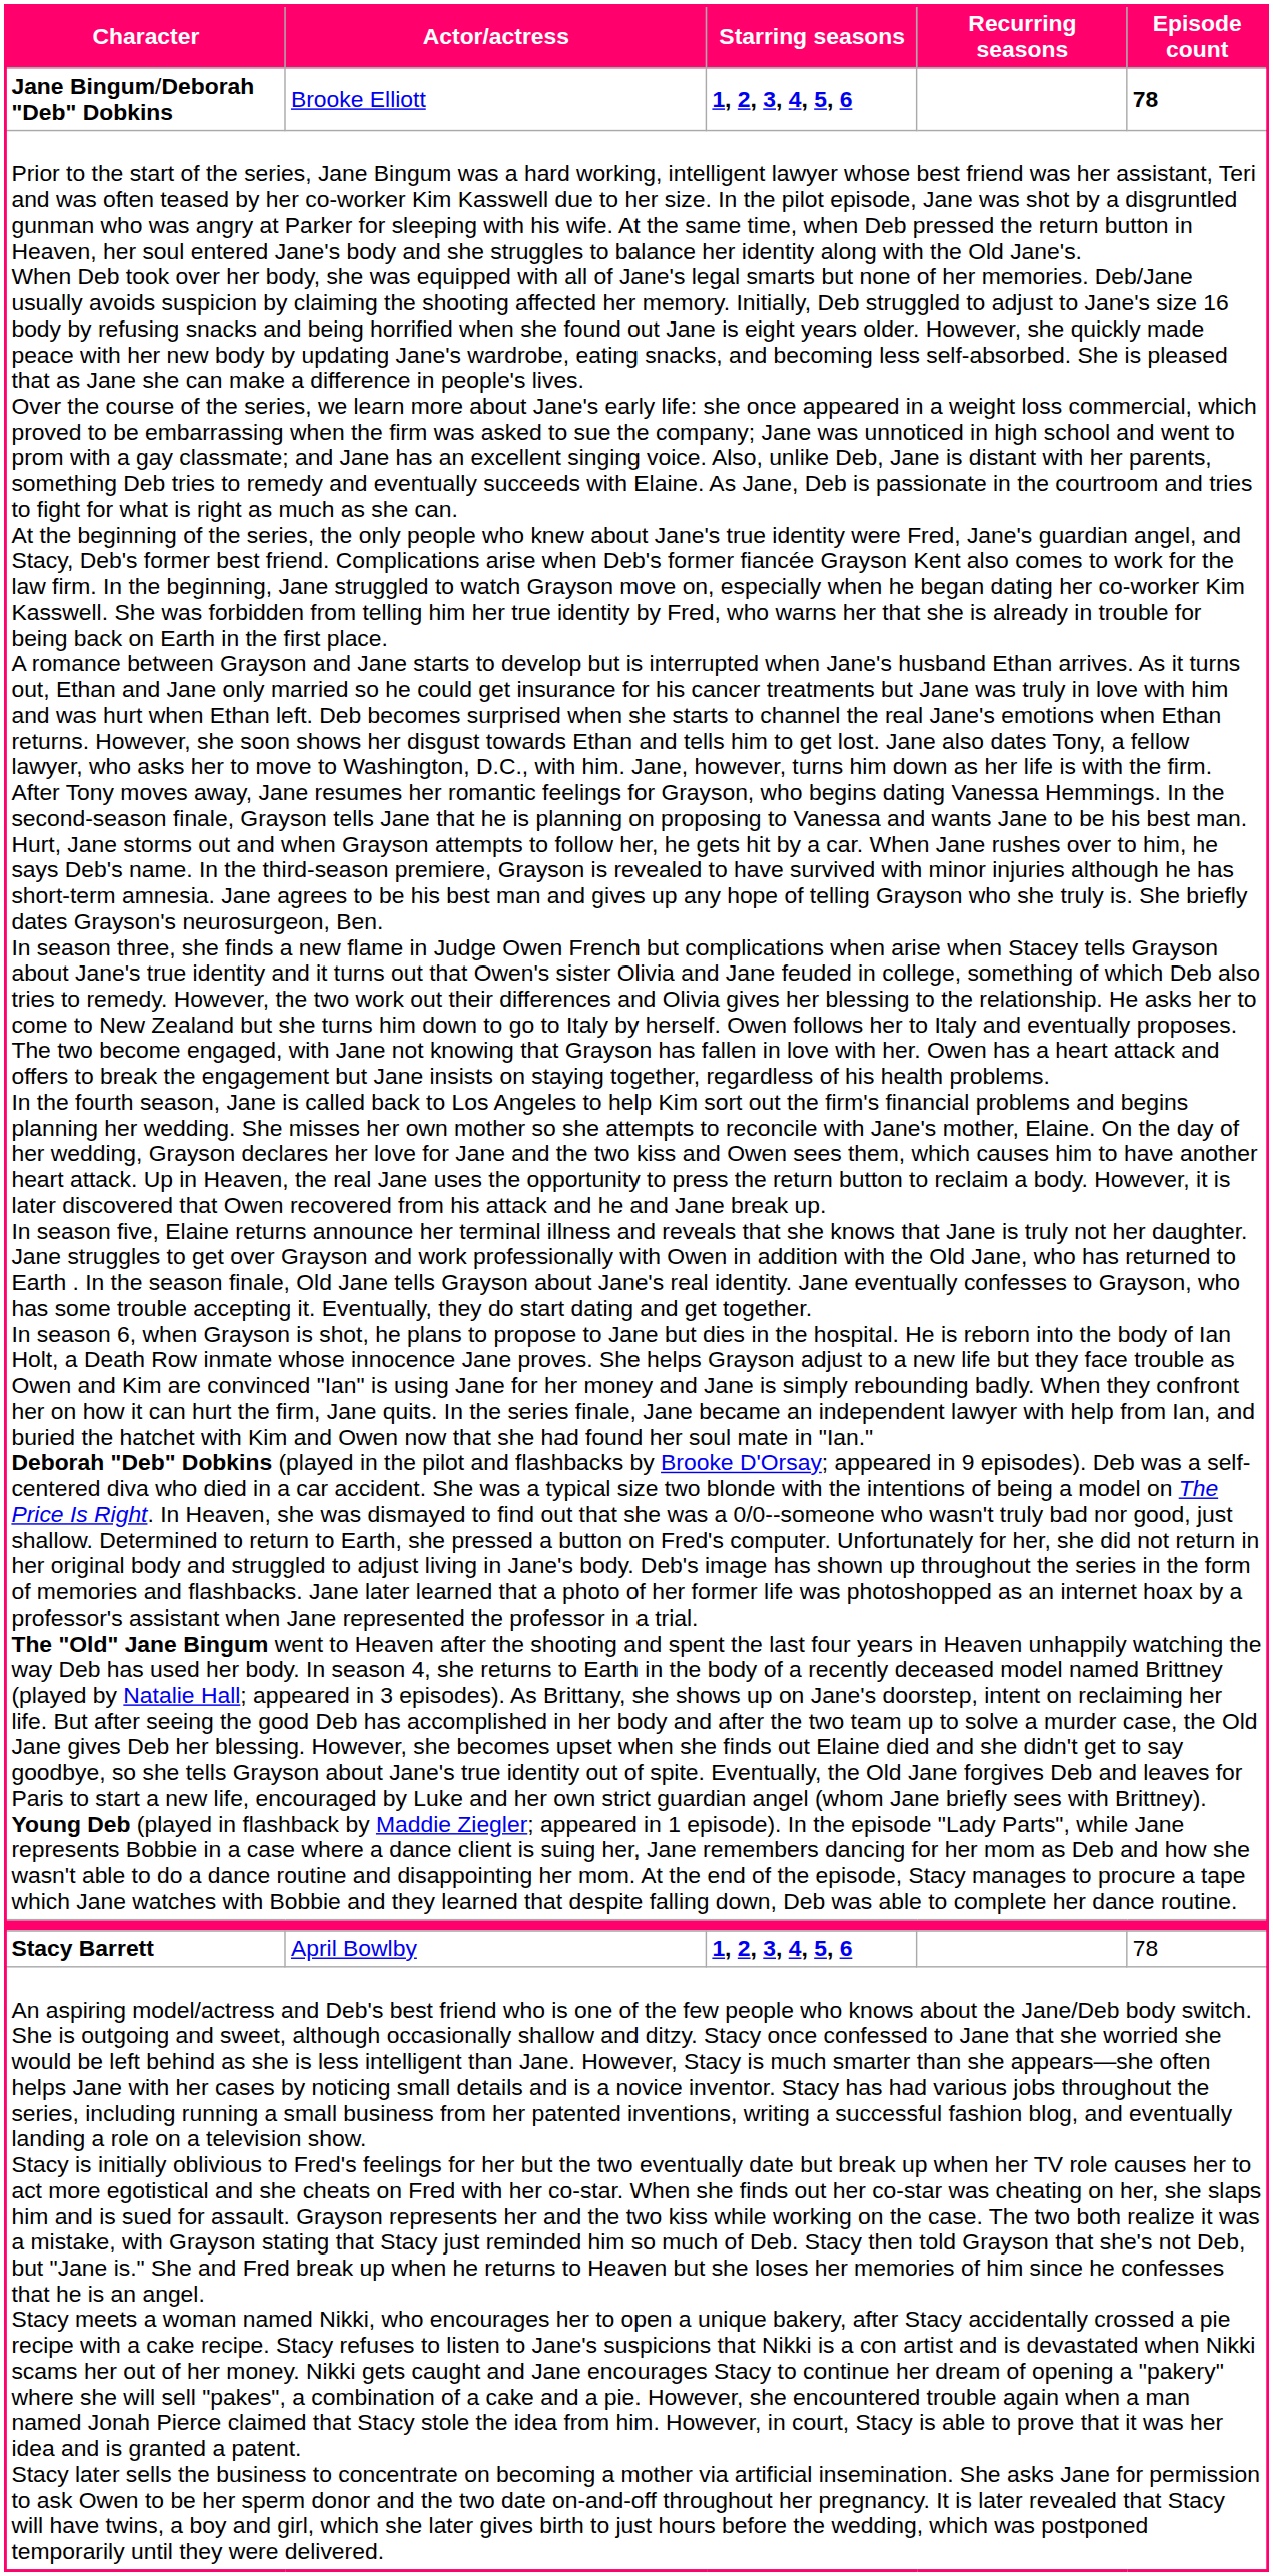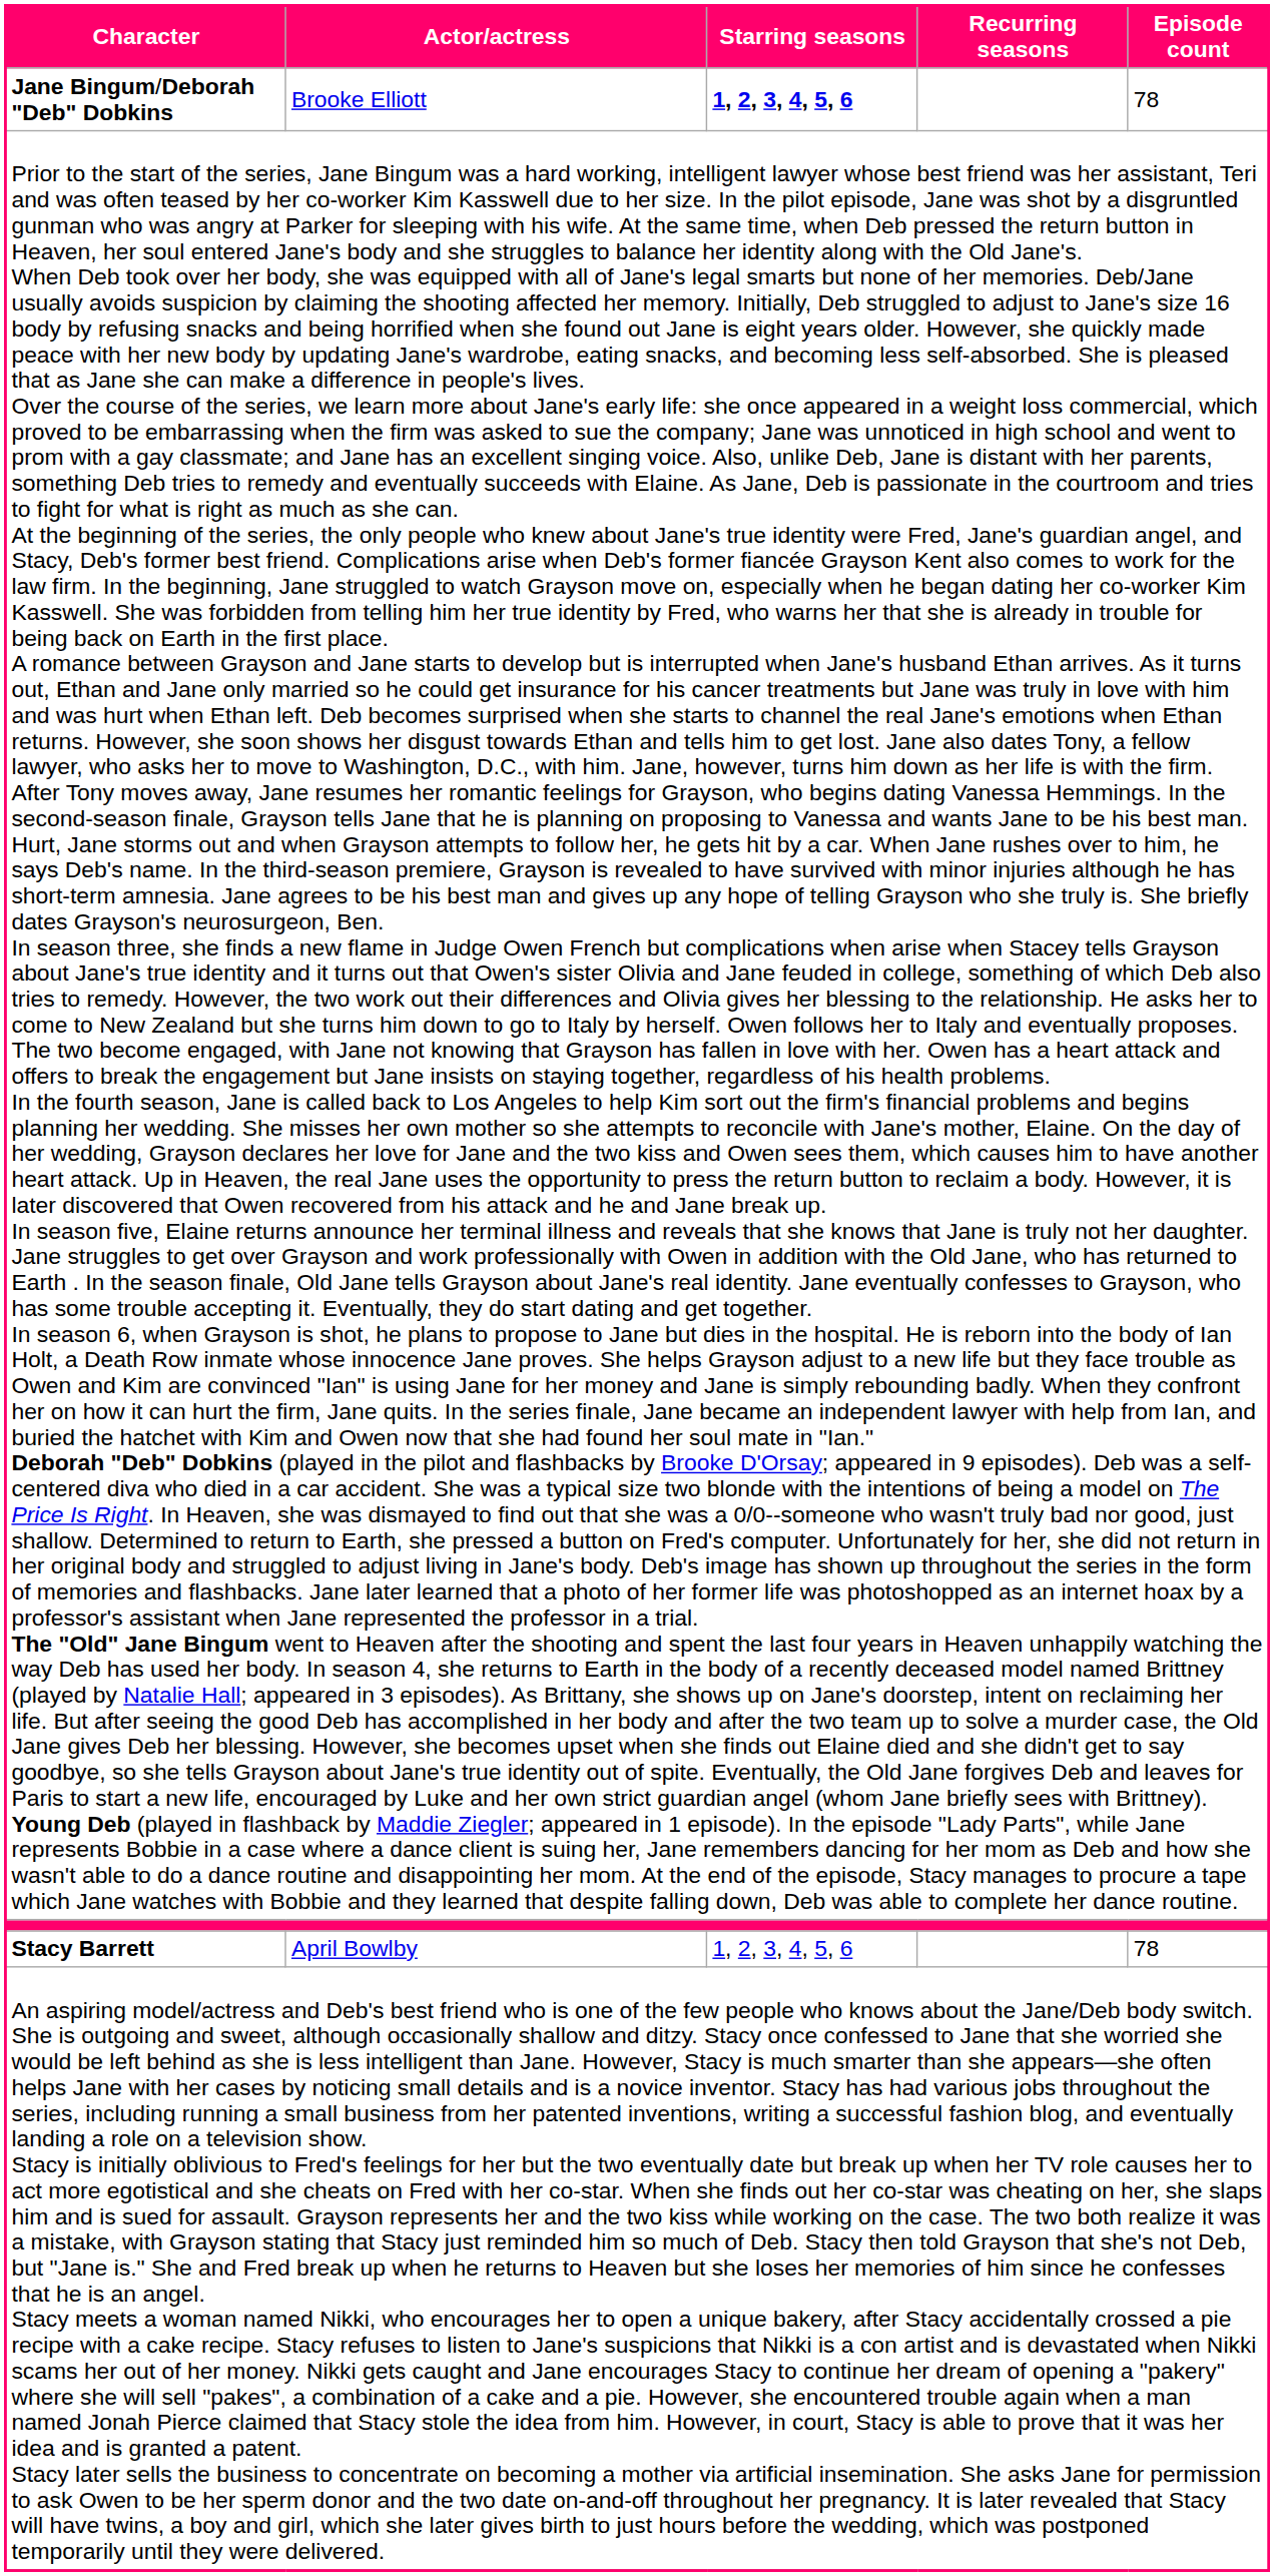 <table class="wikitable sortable collapsible" style="width:100%; margin-right:auto; background: #FFFFFF; border:2px solid #ff006c;">
 <tr style="color:white">
 <th style="background-color:#ff006c; width:20%">Character</th>
 <th style="background-color:#ff006c; width:30%">Actor/actress</th>
 <th style="background-color:#ff006c; width:15%">Starring seasons</th>
 <th style="background-color:#ff006c; width:15%">Recurring seasons</th>
 <th style="background-color:#ff006c; width:10%">Episode count</th>
 </tr>
 <tr>
 <td><strong>Jane Bingum</strong>/<strong>Deborah "Deb" Dobkins</strong></td>
 <td><a href='#'>Brooke Elliott</a></td>
 <td><strong><a href='#'>1</a>, <a href='#'>2</a>, <a href='#'>3</a>, <a href='#'>4</a>, <a href='#'>5</a>, <a href='#'>6</a></strong></td>
 <td></td>
-<td><strong>78</strong></td>
+<td>78</td>
 </tr>
 <tr>
 <td colspan="6"><br>Prior to the start of the series, Jane Bingum was a hard working, intelligent lawyer whose best friend was her assistant, Teri and was often teased by her co-worker Kim Kasswell due to her size. In the pilot episode, Jane was shot by a disgruntled gunman who was angry at Parker for sleeping with his wife. At the same time, when Deb pressed the return button in Heaven, her soul entered Jane's body and she struggles to balance her identity along with the Old Jane's.<br>When Deb took over her body, she was equipped with all of Jane's legal smarts but none of her memories. Deb/Jane usually avoids suspicion by claiming the shooting affected her memory. Initially, Deb struggled to adjust to Jane's size 16 body by refusing snacks and being horrified when she found out Jane is eight years older. However, she quickly made peace with her new body by updating Jane's wardrobe, eating snacks, and becoming less self-absorbed. She is pleased that as Jane she can make a difference in people's lives.<br>Over the course of the series, we learn more about Jane's early life: she once appeared in a weight loss commercial, which proved to be embarrassing when the firm was asked to sue the company; Jane was unnoticed in high school and went to prom with a gay classmate; and Jane has an excellent singing voice. Also, unlike Deb, Jane is distant with her parents, something Deb tries to remedy and eventually succeeds with Elaine. As Jane, Deb is passionate in the courtroom and tries to fight for what is right as much as she can.<br>At the beginning of the series, the only people who knew about Jane's true identity were Fred, Jane's guardian angel, and Stacy, Deb's former best friend. Complications arise when Deb's former fiancée Grayson Kent also comes to work for the law firm. In the beginning, Jane struggled to watch Grayson move on, especially when he began dating her co-worker Kim Kasswell. She was forbidden from telling him her true identity by Fred, who warns her that she is already in trouble for being back on Earth in the first place.<br>A romance between Grayson and Jane starts to develop but is interrupted when Jane's husband Ethan arrives. As it turns out, Ethan and Jane only married so he could get insurance for his cancer treatments but Jane was truly in love with him and was hurt when Ethan left. Deb becomes surprised when she starts to channel the real Jane's emotions when Ethan returns. However, she soon shows her disgust towards Ethan and tells him to get lost. Jane also dates Tony, a fellow lawyer, who asks her to move to Washington, D.C., with him. Jane, however, turns him down as her life is with the firm.<br>After Tony moves away, Jane resumes her romantic feelings for Grayson, who begins dating Vanessa Hemmings. In the second-season finale, Grayson tells Jane that he is planning on proposing to Vanessa and wants Jane to be his best man. Hurt, Jane storms out and when Grayson attempts to follow her, he gets hit by a car. When Jane rushes over to him, he says Deb's name. In the third-season premiere, Grayson is revealed to have survived with minor injuries although he has short-term amnesia. Jane agrees to be his best man and gives up any hope of telling Grayson who she truly is. She briefly dates Grayson's neurosurgeon, Ben.<br>In season three, she finds a new flame in Judge Owen French but complications when arise when Stacey tells Grayson about Jane's true identity and it turns out that Owen's sister Olivia and Jane feuded in college, something of which Deb also tries to remedy. However, the two work out their differences and Olivia gives her blessing to the relationship. He asks her to come to New Zealand but she turns him down to go to Italy by herself. Owen follows her to Italy and eventually proposes. The two become engaged, with Jane not knowing that Grayson has fallen in love with her. Owen has a heart attack and offers to break the engagement but Jane insists on staying together, regardless of his health problems.<br>In the fourth season, Jane is called back to Los Angeles to help Kim sort out the firm's financial problems and begins planning her wedding. She misses her own mother so she attempts to reconcile with Jane's mother, Elaine. On the day of her wedding, Grayson declares her love for Jane and the two kiss and Owen sees them, which causes him to have another heart attack. Up in Heaven, the real Jane uses the opportunity to press the return button to reclaim a body. However, it is later discovered that Owen recovered from his attack and he and Jane break up.<br>In season five, Elaine returns announce her terminal illness and reveals that she knows that Jane is truly not her daughter. Jane struggles to get over Grayson and work professionally with Owen in addition with the Old Jane, who has returned to Earth . In the season finale, Old Jane tells Grayson about Jane's real identity. Jane eventually confesses to Grayson, who has some trouble accepting it. Eventually, they do start dating and get together.<br>In season 6, when Grayson is shot, he plans to propose to Jane but dies in the hospital. He is reborn into the body of Ian Holt, a Death Row inmate whose innocence Jane proves. She helps Grayson adjust to a new life but they face trouble as Owen and Kim are convinced "Ian" is using Jane for her money and Jane is simply rebounding badly. When they confront her on how it can hurt the firm, Jane quits. In the series finale, Jane became an independent lawyer with help from Ian, and buried the hatchet with Kim and Owen now that she had found her soul mate in "Ian."<br><strong>Deborah "Deb" Dobkins</strong> (played in the pilot and flashbacks by <a href='#'>Brooke D'Orsay</a>; appeared in 9 episodes). Deb was a self-centered diva who died in a car accident. She was a typical size two blonde with the intentions of being a model on <em><a href='#'>The Price Is Right</a></em>. In Heaven, she was dismayed to find out that she was a 0/0--someone who wasn't truly bad nor good, just shallow. Determined to return to Earth, she pressed a button on Fred's computer. Unfortunately for her, she did not return in her original body and struggled to adjust living in Jane's body. Deb's image has shown up throughout the series in the form of memories and flashbacks. Jane later learned that a photo of her former life was photoshopped as an internet hoax by a professor's assistant when Jane represented the professor in a trial.<br><strong>The "Old" Jane Bingum</strong> went to Heaven after the shooting and spent the last four years in Heaven unhappily watching the way Deb has used her body. In season 4, she returns to Earth in the body of a recently deceased model named Brittney (played by <a href='#'>Natalie Hall</a>; appeared in 3 episodes). As Brittany, she shows up on Jane's doorstep, intent on reclaiming her life. But after seeing the good Deb has accomplished in her body and after the two team up to solve a murder case, the Old Jane gives Deb her blessing. However, she becomes upset when she finds out Elaine died and she didn't get to say goodbye, so she tells Grayson about Jane's true identity out of spite. Eventually, the Old Jane forgives Deb and leaves for Paris to start a new life, encouraged by Luke and her own strict guardian angel (whom Jane briefly sees with Brittney).<br><strong>Young Deb</strong> (played in flashback by <a href='#'>Maddie Ziegler</a>; appeared in 1 episode). In the episode "Lady Parts", while Jane represents Bobbie in a case where a dance client is suing her, Jane remembers dancing for her mom as Deb and how she wasn't able to do a dance routine and disappointing her mom. At the end of the episode, Stacy manages to procure a tape which Jane watches with Bobbie and they learned that despite falling down, Deb was able to complete her dance routine.</td>
 </tr>
 <tr>
 <td colspan="6" bgcolor="#ff006c"></td>
 </tr>
 <tr>
 <td><strong>Stacy Barrett</strong></td>
 <td><a href='#'>April Bowlby</a></td>
-<td><strong><a href='#'>1</a>, <a href='#'>2</a>, <a href='#'>3</a>, <a href='#'>4</a>, <a href='#'>5</a>, <a href='#'>6</a></strong></td>
+<td><a href='#'>1</a>, <a href='#'>2</a>, <a href='#'>3</a>, <a href='#'>4</a>, <a href='#'>5</a>, <a href='#'>6</a></td>
 <td></td>
 <td>78</td>
 </tr>
 <tr>
 <td colspan="6"><br> An aspiring model/actress and Deb's best friend who is one of the few people who knows about the Jane/Deb body switch. She is outgoing and sweet, although occasionally shallow and ditzy. Stacy once confessed to Jane that she worried she would be left behind as she is less intelligent than Jane. However, Stacy is much smarter than she appears—she often helps Jane with her cases by noticing small details and is a novice inventor. Stacy has had various jobs throughout the series, including running a small business from her patented inventions, writing a successful fashion blog, and eventually landing a role on a television show.<br>Stacy is initially oblivious to Fred's feelings for her but the two eventually date but break up when her TV role causes her to act more egotistical and she cheats on Fred with her co-star. When she finds out her co-star was cheating on her, she slaps him and is sued for assault. Grayson represents her and the two kiss while working on the case. The two both realize it was a mistake, with Grayson stating that Stacy just reminded him so much of Deb. Stacy then told Grayson that she's not Deb, but "Jane is." She and Fred break up when he returns to Heaven but she loses her memories of him since he confesses that he is an angel.<br>Stacy meets a woman named Nikki, who encourages her to open a unique bakery, after Stacy accidentally crossed a pie recipe with a cake recipe. Stacy refuses to listen to Jane's suspicions that Nikki is a con artist and is devastated when Nikki scams her out of her money.   Nikki gets caught and Jane encourages Stacy to continue her dream of opening a "pakery" where she will sell "pakes", a combination of a cake and a pie. However, she encountered trouble again when a man named Jonah Pierce claimed that Stacy stole the idea from him. However, in court, Stacy is able to prove that it was her idea and is granted a patent.<br>Stacy later sells the business to concentrate on becoming a mother via artificial insemination. She asks Jane for permission to ask Owen to be her sperm donor and the two date on-and-off throughout her pregnancy. It is later revealed that Stacy will have twins, a boy and girl, which she later gives birth to just hours before the wedding, which was postponed temporarily until they were delivered.</td>
 </tr>
 <tr>
 </tr>
 </table>
